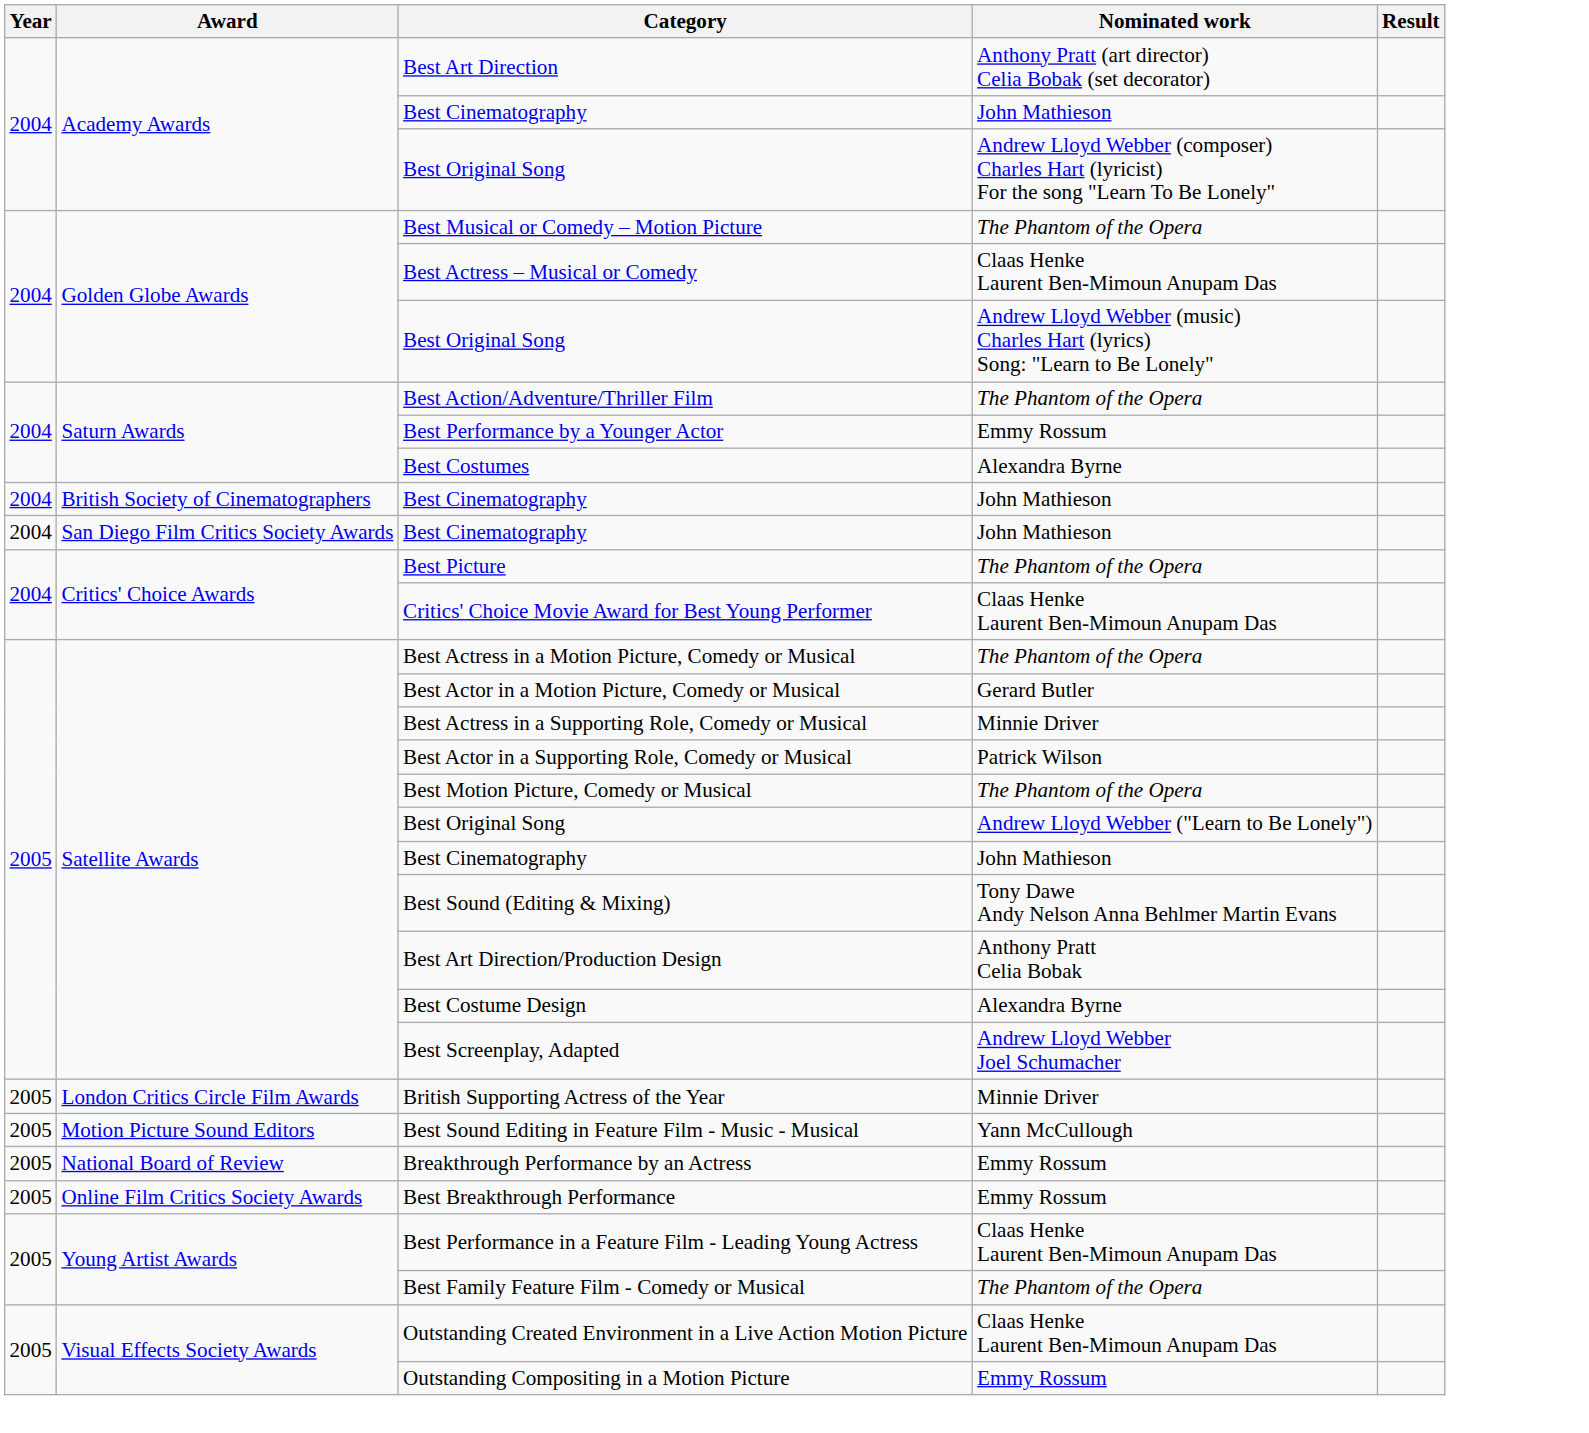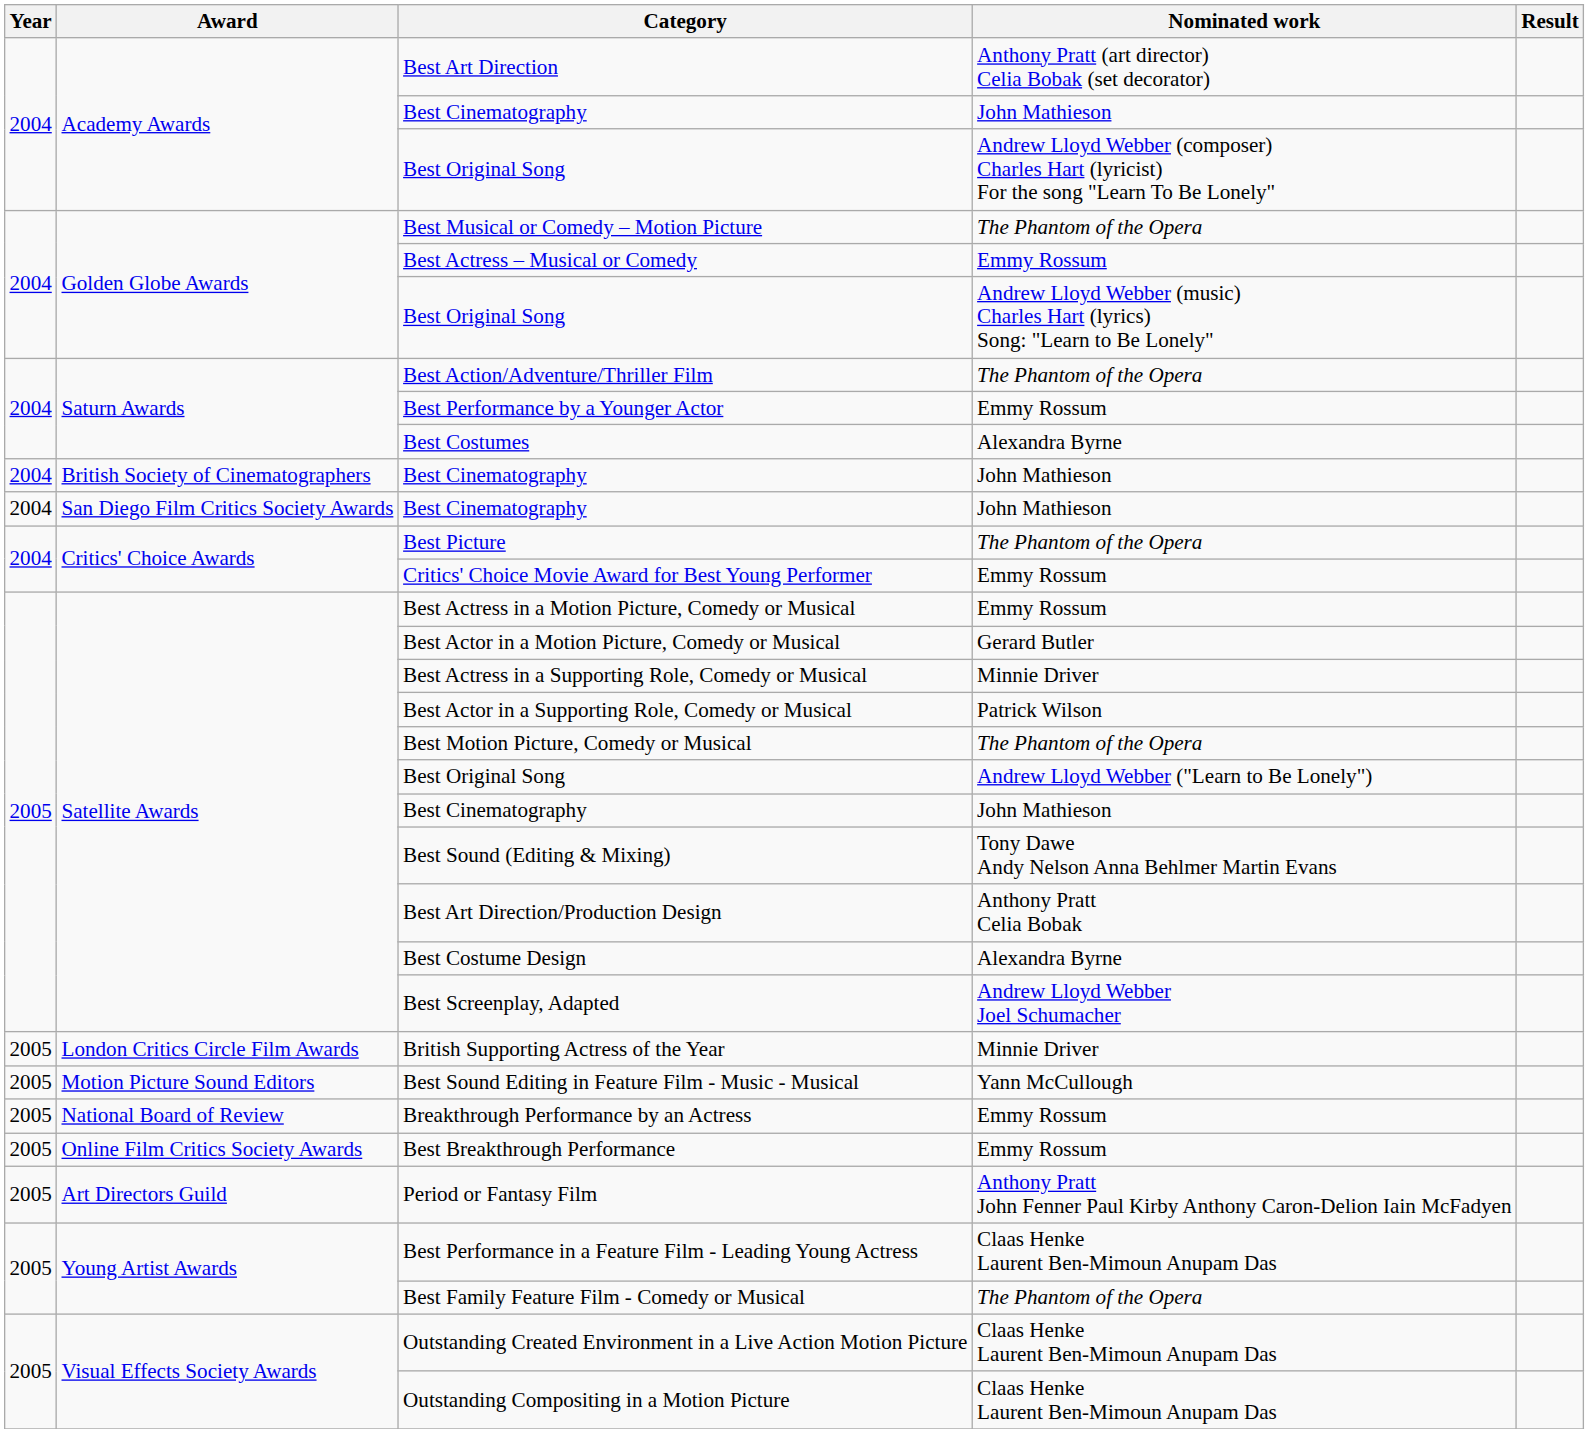 <table class="wikitable">
 <tr>
 <th>Year</th>
 <th>Award</th>
 <th>Category</th>
 <th>Nominated work</th>
 <th>Result</th>
 </tr>
 <tr>
 <td rowspan=3><a href='#'>2004</a></td>
 <td rowspan=3><a href='#'>Academy Awards</a></td>
 <td><a href='#'>Best Art Direction</a></td>
 <td><a href='#'>Anthony Pratt</a> (art director) <br> <a href='#'>Celia Bobak</a> (set decorator)</td>
 <td></td>
 </tr>
 <tr>
 <td><a href='#'>Best Cinematography</a></td>
 <td><a href='#'>John Mathieson</a></td>
 <td></td>
 </tr>
 <tr>
 <td><a href='#'>Best Original Song</a></td>
 <td><a href='#'>Andrew Lloyd Webber</a>  (composer) <br> <a href='#'>Charles Hart</a> (lyricist) <br> For the song "Learn To Be Lonely"</td>
 <td></td>
 </tr>
 <tr>
 <td rowspan=3><a href='#'>2004</a></td>
 <td rowspan=3><a href='#'>Golden Globe Awards</a></td>
 <td><a href='#'>Best Musical or Comedy – Motion Picture</a></td>
 <td><em>The Phantom of the Opera</em></td>
 <td></td>
 </tr>
 <tr>
 <td><a href='#'>Best Actress – Musical or Comedy</a></td>
-<td>Claas Henke<br>Laurent Ben-Mimoun Anupam Das</td>
+<td><a href='#'>Emmy Rossum</a></td>
 <td></td>
 </tr>
 <tr>
 <td><a href='#'>Best Original Song</a></td>
 <td><a href='#'>Andrew Lloyd Webber</a>  (music) <br><a href='#'>Charles Hart</a> (lyrics) <br>Song: "Learn to Be Lonely"</td>
 <td></td>
 </tr>
 <tr>
 <td rowspan="3"><a href='#'>2004</a></td>
 <td rowspan="3"><a href='#'>Saturn Awards</a></td>
 <td><a href='#'>Best Action/Adventure/Thriller Film</a></td>
 <td><em>The Phantom of the Opera</em></td>
 <td></td>
 </tr>
 <tr>
 <td><a href='#'>Best Performance by a Younger Actor</a></td>
 <td>Emmy Rossum</td>
 <td></td>
 </tr>
 <tr>
 <td><a href='#'>Best Costumes</a></td>
 <td>Alexandra Byrne</td>
 <td></td>
 </tr>
 <tr>
 <td><a href='#'>2004</a></td>
 <td><a href='#'>British Society of Cinematographers</a></td>
 <td><a href='#'>Best Cinematography</a></td>
 <td>John Mathieson</td>
 <td></td>
 </tr>
 <tr>
 <td>2004</td>
 <td><a href='#'>San Diego Film Critics Society Awards</a></td>
 <td><a href='#'>Best Cinematography</a></td>
 <td>John Mathieson</td>
 <td></td>
 </tr>
 <tr>
 <td rowspan="2"><a href='#'>2004</a></td>
 <td rowspan="2"><a href='#'>Critics' Choice Awards</a></td>
 <td><a href='#'>Best Picture</a></td>
 <td><em>The Phantom of the Opera</em></td>
 <td></td>
 </tr>
 <tr>
 <td><a href='#'>Critics' Choice Movie Award for Best Young Performer</a></td>
-<td>Claas Henke<br>Laurent Ben-Mimoun Anupam Das</td>
+<td>Emmy Rossum</td>
 <td></td>
 </tr>
 <tr>
 <td rowspan="11"><a href='#'>2005</a></td>
 <td rowspan="11"><a href='#'>Satellite Awards</a></td>
 <td>Best Actress in a Motion Picture, Comedy or Musical</td>
-<td><em>The Phantom of the Opera</em></td>
+<td>Emmy Rossum</td>
 <td></td>
 </tr>
 <tr>
 <td>Best Actor in a Motion Picture, Comedy or Musical</td>
 <td>Gerard Butler</td>
 <td></td>
 </tr>
 <tr>
 <td>Best Actress in a Supporting Role, Comedy or Musical</td>
 <td>Minnie Driver</td>
 <td></td>
 </tr>
 <tr>
 <td>Best Actor in a Supporting Role, Comedy or Musical</td>
 <td>Patrick Wilson</td>
 <td></td>
 </tr>
 <tr>
 <td>Best Motion Picture, Comedy or Musical</td>
 <td><em>The Phantom of the Opera</em></td>
 <td></td>
 </tr>
 <tr>
 <td>Best Original Song</td>
 <td><a href='#'>Andrew Lloyd Webber</a> ("Learn to Be Lonely")</td>
 <td></td>
 </tr>
 <tr>
 <td>Best Cinematography</td>
 <td>John Mathieson</td>
 <td></td>
 </tr>
 <tr>
 <td>Best Sound (Editing & Mixing)</td>
 <td>Tony Dawe<br>Andy Nelson Anna Behlmer Martin Evans</td>
 <td></td>
 </tr>
 <tr>
 <td>Best Art Direction/Production Design</td>
 <td>Anthony Pratt<br>Celia Bobak</td>
 <td></td>
 </tr>
 <tr>
 <td>Best Costume Design</td>
 <td>Alexandra Byrne</td>
 <td></td>
 </tr>
 <tr>
 <td>Best Screenplay, Adapted</td>
 <td><a href='#'>Andrew Lloyd Webber</a><br><a href='#'>Joel Schumacher</a></td>
 <td></td>
 </tr>
 <tr>
 <td>2005</td>
 <td><a href='#'>London Critics Circle Film Awards</a></td>
 <td>British Supporting Actress of the Year</td>
 <td>Minnie Driver</td>
 <td></td>
 </tr>
 <tr>
 <td>2005</td>
 <td><a href='#'>Motion Picture Sound Editors</a></td>
 <td>Best Sound Editing in Feature Film - Music - Musical</td>
 <td>Yann McCullough</td>
 <td></td>
 </tr>
 <tr>
 <td>2005</td>
 <td><a href='#'>National Board of Review</a></td>
 <td>Breakthrough Performance by an Actress</td>
 <td>Emmy Rossum</td>
 <td></td>
 </tr>
 <tr>
 <td>2005</td>
 <td><a href='#'>Online Film Critics Society Awards</a></td>
 <td>Best Breakthrough Performance</td>
 <td>Emmy Rossum</td>
 <td></td>
 </tr>
 <tr>
+<td>2005</td>
+<td><a href='#'>Art Directors Guild</a></td>
+<td>Period or Fantasy Film</td>
+<td><a href='#'>Anthony Pratt</a><br>John Fenner Paul Kirby Anthony Caron-Delion Iain McFadyen</td>
+<td></td>
+</tr>
+<tr>
 <td rowspan="2">2005</td>
 <td rowspan="2"><a href='#'>Young Artist Awards</a></td>
 <td>Best Performance in a Feature Film - Leading Young Actress</td>
 <td>Claas Henke<br>Laurent Ben-Mimoun Anupam Das</td>
 <td></td>
 </tr>
 <tr>
 <td>Best Family Feature Film - Comedy or Musical</td>
 <td><em>The Phantom of the Opera</em></td>
 <td></td>
 </tr>
 <tr>
 <td rowspan="2">2005</td>
 <td rowspan="2"><a href='#'>Visual Effects Society Awards</a></td>
 <td>Outstanding Created Environment in a Live Action Motion Picture</td>
 <td>Claas Henke<br>Laurent Ben-Mimoun Anupam Das</td>
 <td></td>
 </tr>
 <tr>
 <td>Outstanding Compositing in a Motion Picture</td>
-<td><a href='#'>Emmy Rossum</a></td>
+<td>Claas Henke<br>Laurent Ben-Mimoun Anupam Das</td>
 <td></td>
 </tr>
 </table>
